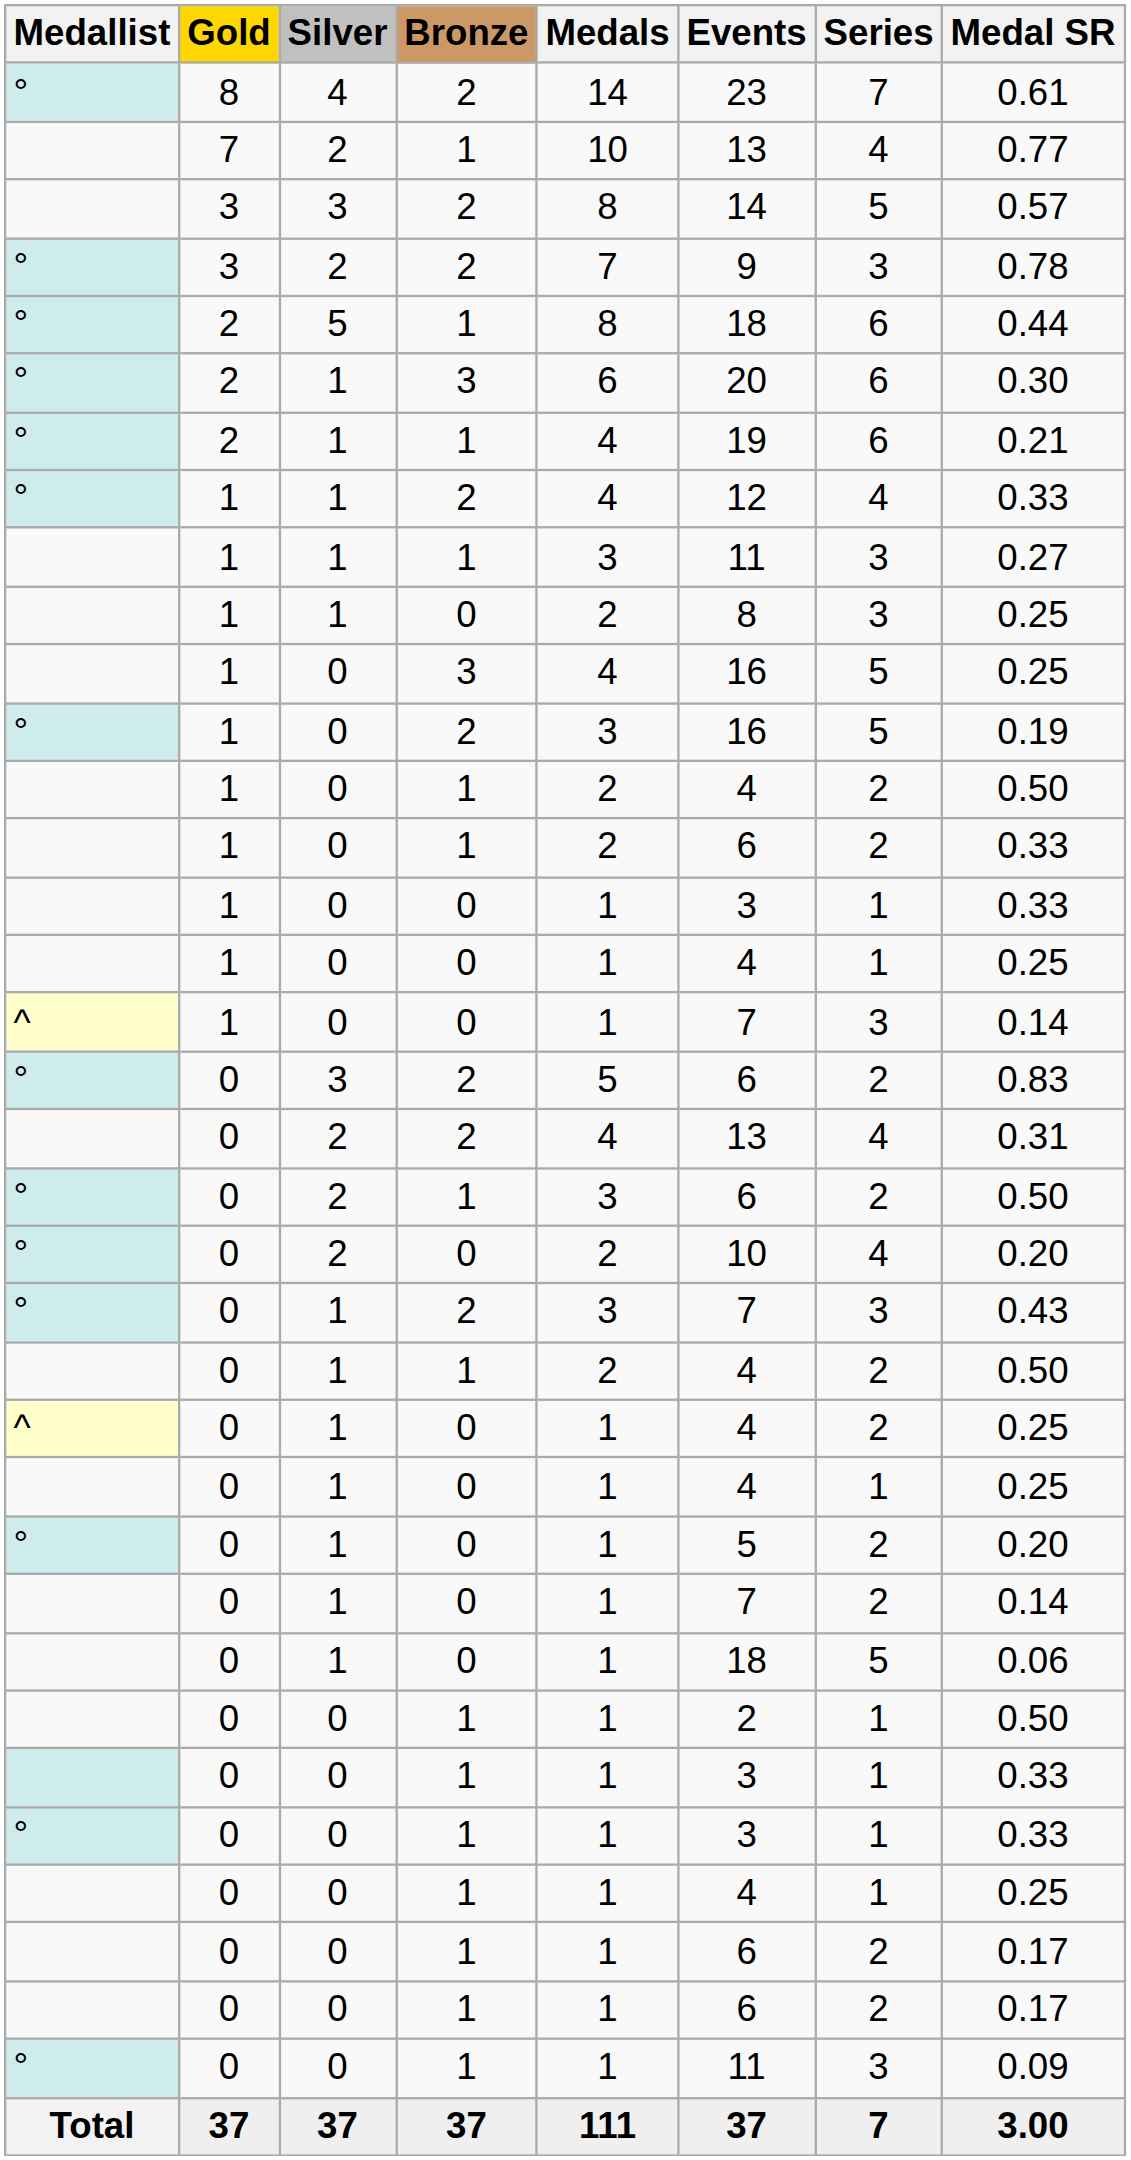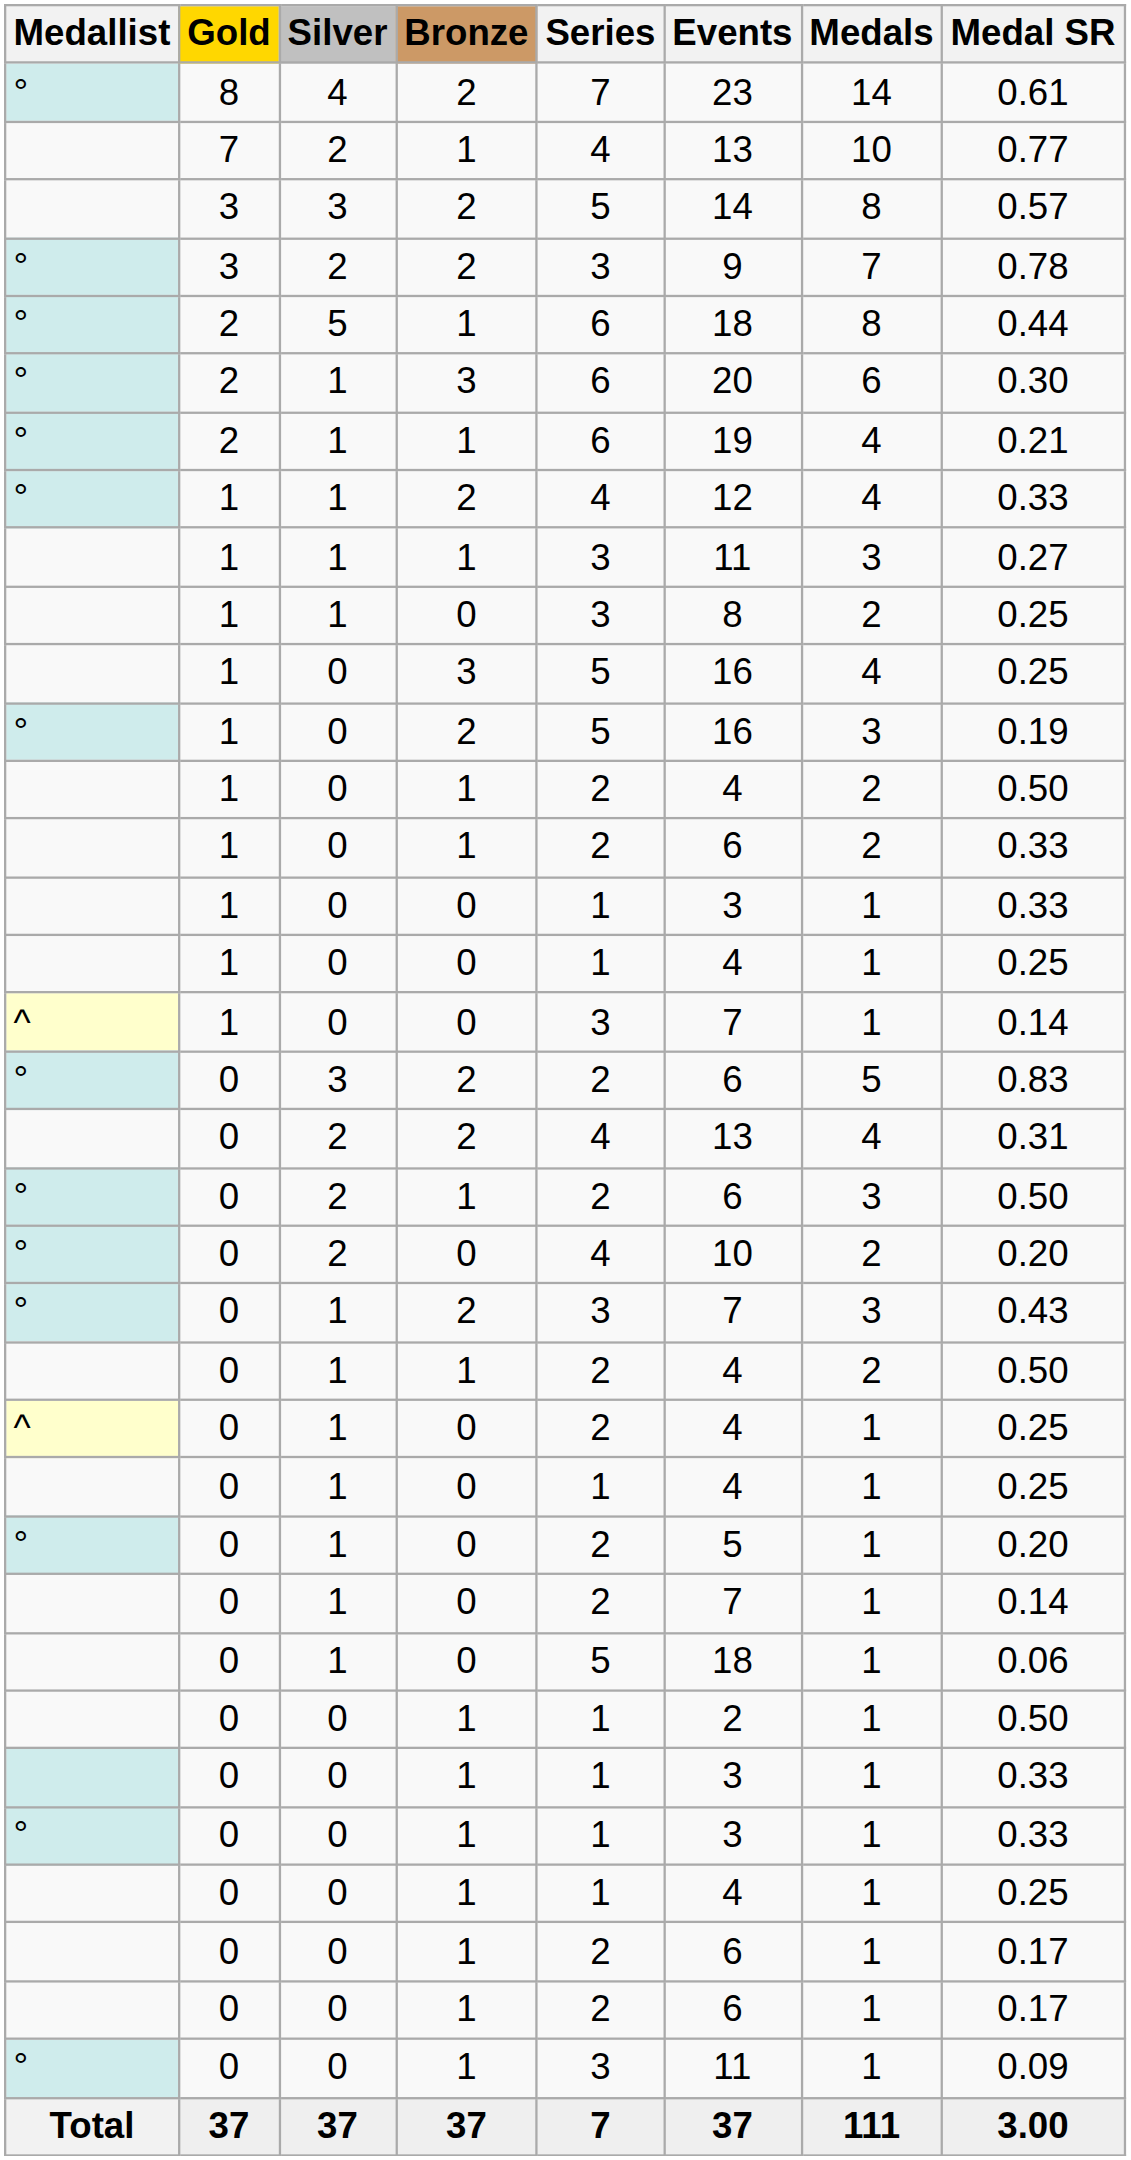 <table class="wikitable sortable static-row-numbers" style="text-align:center;">
 <tr>
 <th>Medallist</th>
 <th style="background-color:#ffd700; text-align:center">Gold</th>
 <th style="background-color:#c0c0c0; text-align:center">Silver</th>
 <th style="background-color:#cc9966; text-align:center">Bronze</th>
+<th>Series</th>
+<th>Events</th>
 <th>Medals</th>
-<th>Events</th>
-<th>Series</th>
 <th>Medal SR</th>
 </tr>
 <tr>
 <td align=left style="background-color: #CFECEC;">°</td>
 <td>8</td>
 <td>4</td>
 <td>2</td>
+<td>7</td>
+<td>23</td>
 <td>14</td>
-<td>23</td>
-<td>7</td>
 <td>0.61</td>
 </tr>
 <tr>
 <td align=left></td>
 <td>7</td>
 <td>2</td>
 <td>1</td>
+<td>4</td>
+<td>13</td>
 <td>10</td>
-<td>13</td>
-<td>4</td>
 <td>0.77</td>
 </tr>
 <tr>
 <td align=left></td>
 <td>3</td>
 <td>3</td>
 <td>2</td>
+<td>5</td>
+<td>14</td>
 <td>8</td>
-<td>14</td>
-<td>5</td>
 <td>0.57</td>
 </tr>
 <tr>
 <td align=left style="background-color: #CFECEC;">°</td>
 <td>3</td>
 <td>2</td>
 <td>2</td>
+<td>3</td>
+<td>9</td>
 <td>7</td>
-<td>9</td>
-<td>3</td>
 <td>0.78</td>
 </tr>
 <tr>
 <td align=left style="background-color: #CFECEC;">°</td>
 <td>2</td>
 <td>5</td>
 <td>1</td>
+<td>6</td>
+<td>18</td>
 <td>8</td>
-<td>18</td>
-<td>6</td>
 <td>0.44</td>
 </tr>
 <tr>
 <td align=left style="background-color: #CFECEC;">°</td>
 <td>2</td>
 <td>1</td>
 <td>3</td>
 <td>6</td>
 <td>20</td>
 <td>6</td>
 <td>0.30</td>
 </tr>
 <tr>
 <td align=left style="background-color: #CFECEC;">°</td>
 <td>2</td>
 <td>1</td>
 <td>1</td>
+<td>6</td>
+<td>19</td>
 <td>4</td>
-<td>19</td>
-<td>6</td>
 <td>0.21</td>
 </tr>
 <tr>
 <td align=left style="background-color: #CFECEC;">°</td>
 <td>1</td>
 <td>1</td>
 <td>2</td>
 <td>4</td>
 <td>12</td>
 <td>4</td>
 <td>0.33</td>
 </tr>
 <tr>
 <td align=left></td>
 <td>1</td>
 <td>1</td>
 <td>1</td>
 <td>3</td>
 <td>11</td>
 <td>3</td>
 <td>0.27</td>
 </tr>
 <tr>
 <td align=left></td>
 <td>1</td>
 <td>1</td>
 <td>0</td>
+<td>3</td>
+<td>8</td>
 <td>2</td>
-<td>8</td>
-<td>3</td>
 <td>0.25</td>
 </tr>
 <tr>
 <td align=left></td>
 <td>1</td>
 <td>0</td>
 <td>3</td>
+<td>5</td>
+<td>16</td>
 <td>4</td>
-<td>16</td>
-<td>5</td>
 <td>0.25</td>
 </tr>
 <tr>
 <td align=left style="background-color: #CFECEC;">°</td>
 <td>1</td>
 <td>0</td>
 <td>2</td>
+<td>5</td>
+<td>16</td>
 <td>3</td>
-<td>16</td>
-<td>5</td>
 <td>0.19</td>
 </tr>
 <tr>
 <td align=left></td>
 <td>1</td>
 <td>0</td>
 <td>1</td>
 <td>2</td>
 <td>4</td>
 <td>2</td>
 <td>0.50</td>
 </tr>
 <tr>
 <td align=left></td>
 <td>1</td>
 <td>0</td>
 <td>1</td>
 <td>2</td>
 <td>6</td>
 <td>2</td>
 <td>0.33</td>
 </tr>
 <tr>
 <td align=left></td>
 <td>1</td>
 <td>0</td>
 <td>0</td>
 <td>1</td>
 <td>3</td>
 <td>1</td>
 <td>0.33</td>
 </tr>
 <tr>
 <td align=left></td>
 <td>1</td>
 <td>0</td>
 <td>0</td>
 <td>1</td>
 <td>4</td>
 <td>1</td>
 <td>0.25</td>
 </tr>
 <tr>
 <td align=left style="background-color: #ffc;">^</td>
 <td>1</td>
 <td>0</td>
 <td>0</td>
+<td>3</td>
+<td>7</td>
 <td>1</td>
-<td>7</td>
-<td>3</td>
 <td>0.14</td>
 </tr>
 <tr>
 <td align=left style="background-color: #CFECEC;">°</td>
 <td>0</td>
 <td>3</td>
 <td>2</td>
+<td>2</td>
+<td>6</td>
 <td>5</td>
-<td>6</td>
-<td>2</td>
 <td>0.83</td>
 </tr>
 <tr>
 <td align=left></td>
 <td>0</td>
 <td>2</td>
 <td>2</td>
 <td>4</td>
 <td>13</td>
 <td>4</td>
 <td>0.31</td>
 </tr>
 <tr>
 <td align=left style="background-color: #CFECEC;">°</td>
 <td>0</td>
 <td>2</td>
 <td>1</td>
+<td>2</td>
+<td>6</td>
 <td>3</td>
-<td>6</td>
-<td>2</td>
 <td>0.50</td>
 </tr>
 <tr>
 <td align=left style="background-color: #CFECEC;">°</td>
 <td>0</td>
 <td>2</td>
 <td>0</td>
+<td>4</td>
+<td>10</td>
 <td>2</td>
-<td>10</td>
-<td>4</td>
 <td>0.20</td>
 </tr>
 <tr>
 <td align=left style="background-color: #CFECEC;">°</td>
 <td>0</td>
 <td>1</td>
 <td>2</td>
 <td>3</td>
 <td>7</td>
 <td>3</td>
 <td>0.43</td>
 </tr>
 <tr>
 <td align=left></td>
 <td>0</td>
 <td>1</td>
 <td>1</td>
 <td>2</td>
 <td>4</td>
 <td>2</td>
 <td>0.50</td>
 </tr>
 <tr>
 <td align=left style="background-color: #ffc;">^</td>
 <td>0</td>
 <td>1</td>
 <td>0</td>
+<td>2</td>
+<td>4</td>
 <td>1</td>
-<td>4</td>
-<td>2</td>
 <td>0.25</td>
 </tr>
 <tr>
 <td align=left></td>
 <td>0</td>
 <td>1</td>
 <td>0</td>
 <td>1</td>
 <td>4</td>
 <td>1</td>
 <td>0.25</td>
 </tr>
 <tr>
 <td align=left style="background-color: #CFECEC;">°</td>
 <td>0</td>
 <td>1</td>
 <td>0</td>
+<td>2</td>
+<td>5</td>
 <td>1</td>
-<td>5</td>
-<td>2</td>
 <td>0.20</td>
 </tr>
 <tr>
 <td align=left></td>
 <td>0</td>
 <td>1</td>
 <td>0</td>
+<td>2</td>
+<td>7</td>
 <td>1</td>
-<td>7</td>
-<td>2</td>
 <td>0.14</td>
 </tr>
 <tr>
 <td align=left></td>
 <td>0</td>
 <td>1</td>
 <td>0</td>
+<td>5</td>
+<td>18</td>
 <td>1</td>
-<td>18</td>
-<td>5</td>
 <td>0.06</td>
 </tr>
 <tr>
 <td align=left></td>
 <td>0</td>
 <td>0</td>
 <td>1</td>
 <td>1</td>
 <td>2</td>
 <td>1</td>
 <td>0.50</td>
 </tr>
 <tr>
 <td align=left style="background-color: #CFECEC;"></td>
 <td>0</td>
 <td>0</td>
 <td>1</td>
 <td>1</td>
 <td>3</td>
 <td>1</td>
 <td>0.33</td>
 </tr>
 <tr>
 <td align=left style="background-color: #CFECEC;">°</td>
 <td>0</td>
 <td>0</td>
 <td>1</td>
 <td>1</td>
 <td>3</td>
 <td>1</td>
 <td>0.33</td>
 </tr>
 <tr>
 <td align=left></td>
 <td>0</td>
 <td>0</td>
 <td>1</td>
 <td>1</td>
 <td>4</td>
 <td>1</td>
 <td>0.25</td>
 </tr>
 <tr>
 <td align=left></td>
 <td>0</td>
 <td>0</td>
 <td>1</td>
+<td>2</td>
+<td>6</td>
 <td>1</td>
-<td>6</td>
-<td>2</td>
 <td>0.17</td>
 </tr>
 <tr>
 <td align=left></td>
 <td>0</td>
 <td>0</td>
 <td>1</td>
+<td>2</td>
+<td>6</td>
 <td>1</td>
-<td>6</td>
-<td>2</td>
 <td>0.17</td>
 </tr>
 <tr>
 <td align=left style="background-color: #CFECEC;">°</td>
 <td>0</td>
 <td>0</td>
 <td>1</td>
+<td>3</td>
+<td>11</td>
 <td>1</td>
-<td>11</td>
-<td>3</td>
 <td>0.09</td>
 </tr>
 <tr style="background:#efefef;" class="static-row-header sortbottom">
 <th scope="row" style="text-align:center"><strong>Total</strong></th>
 <td align=center><strong>37</strong></td>
 <td align=center><strong>37</strong></td>
 <td align=center><strong>37</strong></td>
+<td align=center><strong>7</strong></td>
+<td align=center><strong>37</strong></td>
 <td align=center><strong>111</strong></td>
-<td align=center><strong>37</strong></td>
-<td align=center><strong>7</strong></td>
 <td align=center><strong>3.00</strong></td>
 </tr>
 </table>
